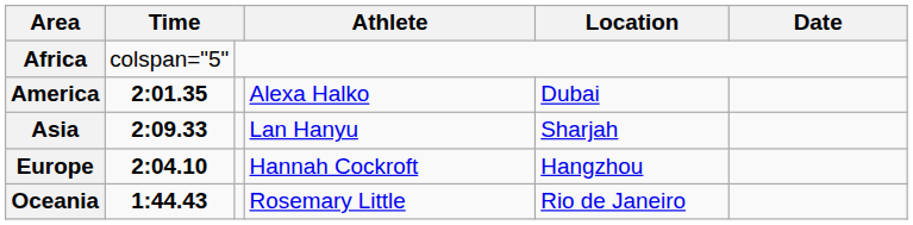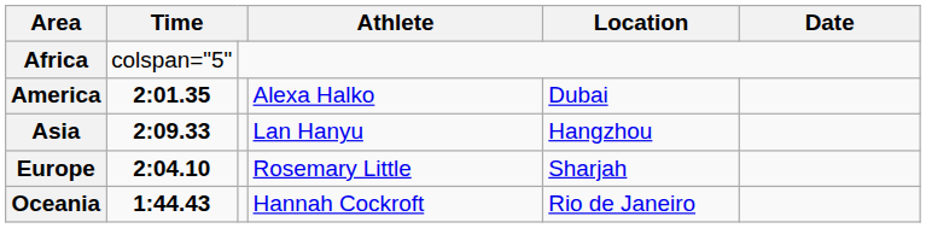 <table class="wikitable">
 <tr>
 <th width="45">Area</th>
 <th width="80" colspan="2">Time</th>
 <th width="200">Athlete</th>
 <th width="130">Location</th>
 <th width="120">Date</th>
 </tr>
 <tr>
 <th>Africa</th>
 <td>colspan="5" </td>
 </tr>
 <tr>
 <th>America</th>
 <td align="center"><strong>2:01.35</strong></td>
 <td align="center"></td>
 <td> <a href='#'>Alexa Halko</a></td>
 <td> <a href='#'>Dubai</a></td>
 <td align="right"></td>
 </tr>
 <tr>
 <th>Asia</th>
 <td align="center"><strong>2:09.33</strong></td>
 <td align="center"></td>
 <td> <a href='#'>Lan Hanyu</a></td>
-<td> <a href='#'>Sharjah</a></td>
+<td> <a href='#'>Hangzhou</a></td>
 <td align="right"></td>
 </tr>
 <tr>
 <th>Europe</th>
 <td align="center"><strong>2:04.10</strong></td>
 <td align="center"><strong></strong></td>
-<td> <a href='#'>Hannah Cockroft</a></td>
-<td> <a href='#'>Hangzhou</a></td>
+<td> <a href='#'>Rosemary Little</a></td>
+<td> <a href='#'>Sharjah</a></td>
 <td align="right"></td>
 </tr>
 <tr>
 <th>Oceania</th>
 <td align="center"><strong>1:44.43</strong></td>
 <td align="center"></td>
-<td> <a href='#'>Rosemary Little</a></td>
+<td> <a href='#'>Hannah Cockroft</a></td>
 <td> <a href='#'>Rio de Janeiro</a></td>
 <td align="right"></td>
 </tr>
 </table>
